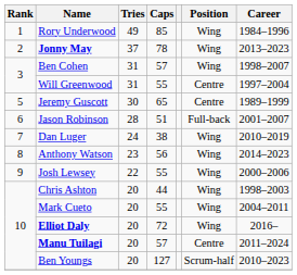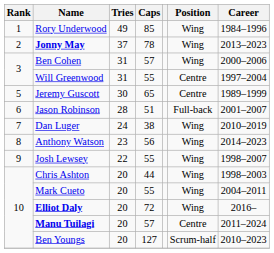 <table class="wikitable sortable" style="text-align:center">
 <tr>
 <th>Rank</th>
 <th>Name</th>
 <th>Tries</th>
 <th>Caps</th>
 <th></th>
 <th>Position</th>
 <th>Career</th>
 </tr>
 <tr>
 <td>1</td>
 <td align="left"><a href='#'>Rory Underwood</a></td>
 <td>49</td>
 <td>85</td>
 <td></td>
 <td>Wing</td>
 <td>1984–1996</td>
 </tr>
 <tr>
 <td>2</td>
 <td align="left"><strong><a href='#'>Jonny May</a></strong></td>
 <td>37</td>
 <td>78</td>
 <td></td>
 <td>Wing</td>
 <td>2013–2023</td>
 </tr>
 <tr>
 <td rowspan="2”">3</td>
 <td align="left"><a href='#'>Ben Cohen</a></td>
 <td>31</td>
 <td>57</td>
 <td></td>
 <td>Wing</td>
-<td>1998–2007</td>
+<td>2000–2006</td>
 </tr>
 <tr>
 <td align="left"><a href='#'>Will Greenwood</a></td>
 <td>31</td>
 <td>55</td>
 <td></td>
 <td>Centre</td>
 <td>1997–2004</td>
 </tr>
 <tr>
 <td>5</td>
 <td align="left"><a href='#'>Jeremy Guscott</a></td>
 <td>30</td>
 <td>65</td>
 <td></td>
 <td>Centre</td>
 <td>1989–1999</td>
 </tr>
 <tr>
 <td>6</td>
 <td align="left"><a href='#'>Jason Robinson</a></td>
 <td>28</td>
 <td>51</td>
 <td></td>
 <td>Full-back</td>
 <td>2001–2007</td>
 </tr>
 <tr>
 <td>7</td>
 <td align="left"><a href='#'>Dan Luger</a></td>
 <td>24</td>
 <td>38</td>
 <td></td>
 <td>Wing</td>
 <td>2010–2019</td>
 </tr>
 <tr>
 <td>8</td>
 <td align="left"><a href='#'>Anthony Watson</a></td>
 <td>23</td>
 <td>56</td>
 <td></td>
 <td>Wing</td>
 <td>2014–2023</td>
 </tr>
 <tr>
 <td>9</td>
 <td align="left"><a href='#'>Josh Lewsey</a></td>
 <td>22</td>
 <td>55</td>
 <td></td>
 <td>Wing</td>
-<td>2000–2006</td>
+<td>1998–2007</td>
 </tr>
 <tr>
 <td rowspan="5”">10</td>
 <td align="left"><a href='#'>Chris Ashton</a></td>
 <td>20</td>
 <td>44</td>
 <td></td>
 <td>Wing</td>
 <td>1998–2003</td>
 </tr>
 <tr>
 <td align="left"><a href='#'>Mark Cueto</a></td>
 <td>20</td>
 <td>55</td>
 <td></td>
 <td>Wing</td>
 <td>2004–2011</td>
 </tr>
 <tr>
 <td align="left"><strong><a href='#'>Elliot Daly</a></strong></td>
 <td>20</td>
 <td>72</td>
 <td></td>
 <td>Wing</td>
 <td>2016–</td>
 </tr>
 <tr>
 <td align="left"><strong><a href='#'>Manu Tuilagi</a></strong></td>
 <td>20</td>
 <td>57</td>
 <td></td>
 <td>Centre</td>
 <td>2011–2024</td>
 </tr>
 <tr>
 <td align="left"><a href='#'>Ben Youngs</a></td>
 <td>20</td>
 <td>127</td>
 <td></td>
 <td>Scrum-half</td>
 <td>2010–2023</td>
 </tr>
 <tr>
 </tr>
 </table>
